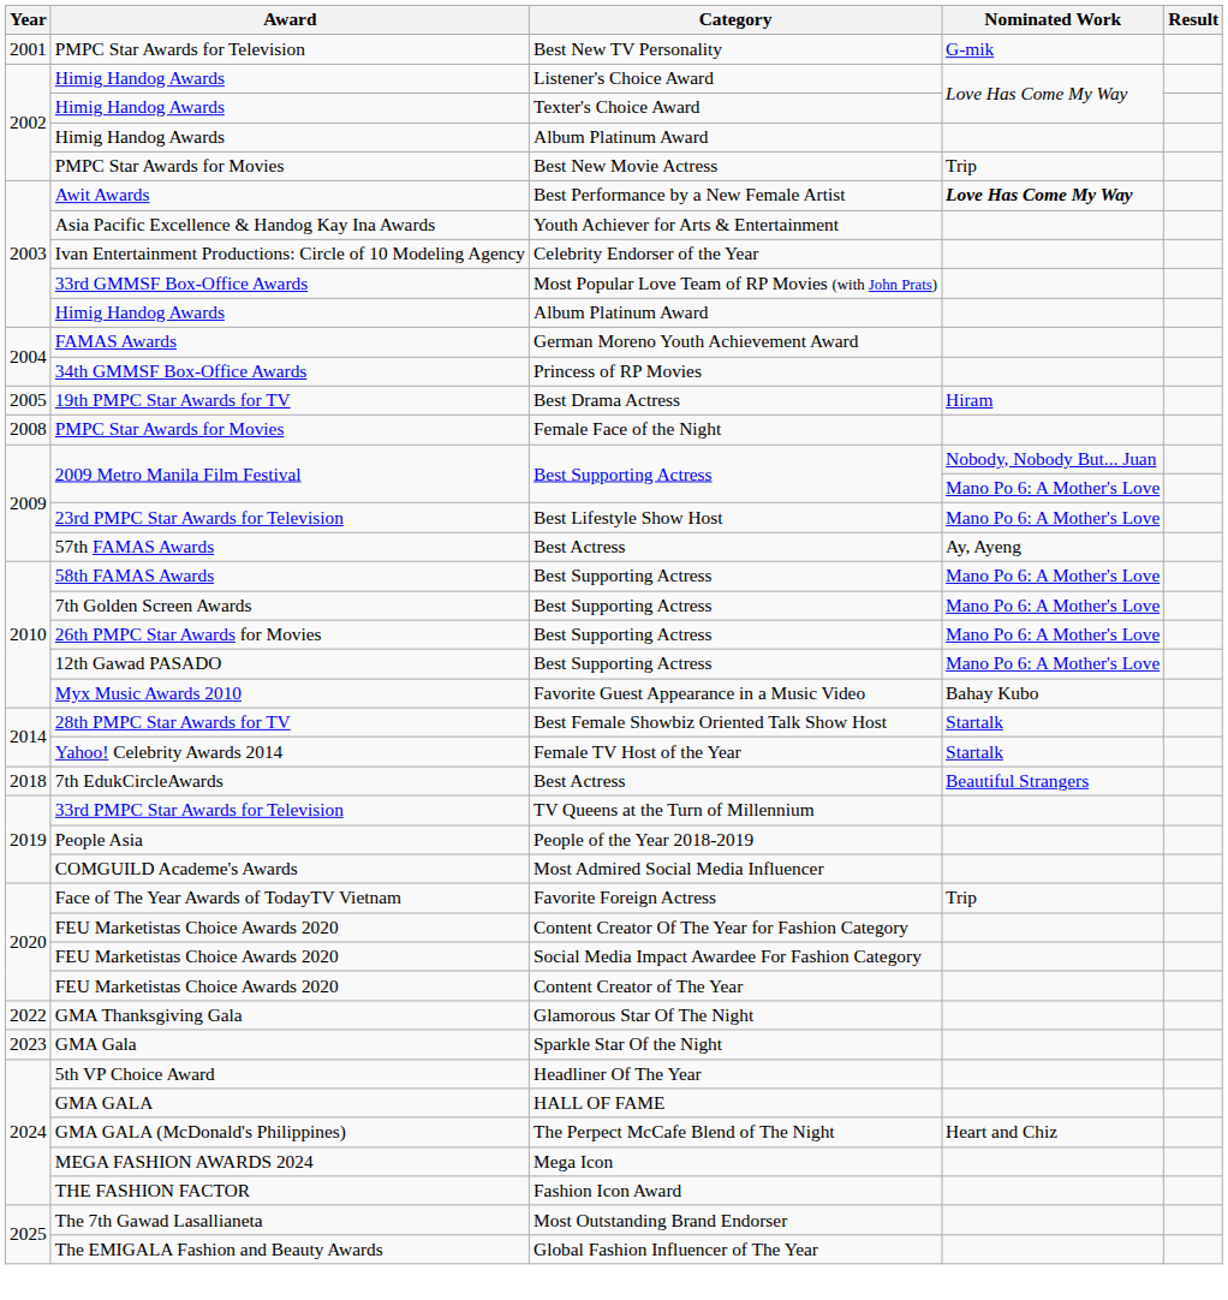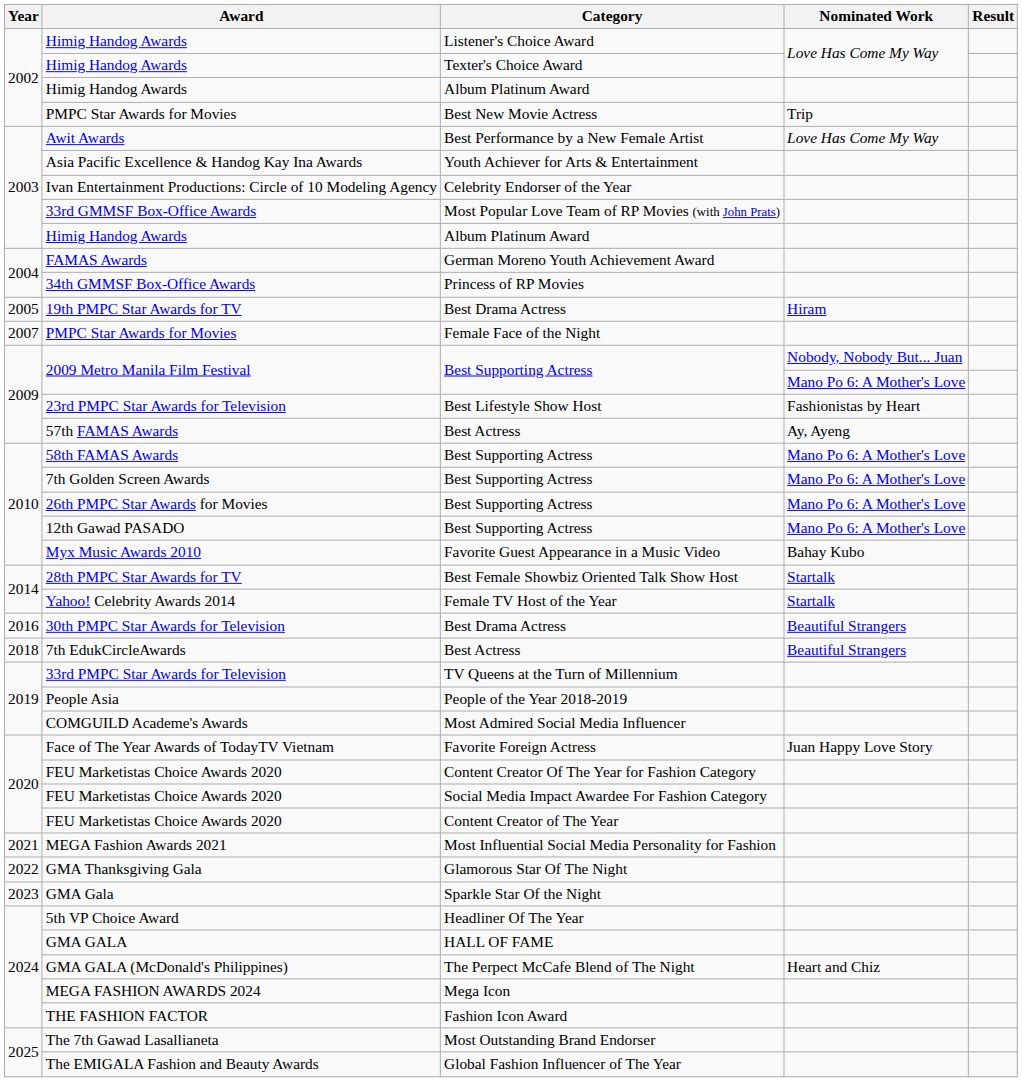 <table class="wikitable">
 <tr>
 <th>Year</th>
 <th>Award</th>
 <th>Category</th>
 <th>Nominated Work</th>
 <th>Result</th>
-</tr>
-<tr>
-<td>2001</td>
-<td>PMPC Star Awards for Television</td>
-<td>Best New TV Personality</td>
-<td><a href='#'>G-mik</a></td>
-<td></td>
 </tr>
 <tr>
 <td rowspan="4">2002</td>
 <td><a href='#'>Himig Handog Awards</a></td>
 <td>Listener's Choice Award</td>
 <td rowspan=2><em>Love</em> <em>Has Come My Way</em></td>
 <td></td>
 </tr>
 <tr>
 <td><a href='#'>Himig Handog Awards</a></td>
 <td>Texter's Choice Award</td>
 <td></td>
 </tr>
 <tr>
 <td>Himig Handog Awards</td>
 <td>Album Platinum Award</td>
 <td></td>
 <td></td>
 </tr>
 <tr>
 <td>PMPC Star Awards for Movies</td>
 <td>Best New Movie Actress</td>
 <td>Trip</td>
 <td></td>
 </tr>
 <tr>
 <td rowspan="5">2003</td>
 <td><a href='#'>Awit Awards</a></td>
 <td>Best Performance by a New Female Artist</td>
-<td><strong><em>Love Has Come My Way</em></strong></td>
+<td><em>Love Has Come My Way</em></td>
 <td></td>
 </tr>
 <tr>
 <td>Asia Pacific Excellence & Handog Kay Ina Awards</td>
 <td>Youth Achiever for Arts & Entertainment</td>
 <td></td>
 <td></td>
 </tr>
 <tr>
 <td>Ivan Entertainment Productions: Circle of 10 Modeling Agency</td>
 <td>Celebrity Endorser of the Year</td>
 <td></td>
 <td></td>
 </tr>
 <tr>
 <td><a href='#'>33rd GMMSF Box-Office Awards</a></td>
 <td>Most Popular Love Team of RP Movies <small>(with <a href='#'>John Prats</a>)</small></td>
 <td></td>
 <td></td>
 </tr>
 <tr>
 <td><a href='#'>Himig Handog Awards</a></td>
 <td>Album Platinum Award</td>
 <td></td>
 <td></td>
 </tr>
 <tr>
 <td rowspan=2>2004</td>
 <td><a href='#'>FAMAS Awards</a></td>
 <td>German Moreno Youth Achievement Award</td>
 <td></td>
 <td></td>
 </tr>
 <tr>
 <td><a href='#'>34th GMMSF Box-Office Awards</a></td>
 <td>Princess of RP Movies</td>
 <td></td>
 <td></td>
 </tr>
 <tr>
 <td>2005</td>
 <td><a href='#'>19th PMPC Star Awards for TV</a></td>
 <td>Best Drama Actress</td>
 <td><a href='#'>Hiram</a></td>
 <td></td>
 </tr>
 <tr>
-<td>2008</td>
+<td>2007</td>
 <td><a href='#'>PMPC Star Awards for Movies</a></td>
 <td>Female Face of the Night</td>
 <td></td>
 <td></td>
 </tr>
 <tr>
 <td rowspan="4">2009</td>
 <td rowspan=2><a href='#'>2009 Metro Manila Film Festival</a></td>
 <td rowspan=2><a href='#'>Best Supporting Actress</a></td>
 <td><a href='#'>Nobody, Nobody But... Juan</a></td>
 <td></td>
 </tr>
 <tr>
 <td><a href='#'>Mano Po 6: A Mother's Love</a></td>
 <td></td>
 </tr>
 <tr>
 <td><a href='#'>23rd PMPC Star Awards for Television</a></td>
 <td>Best Lifestyle Show Host</td>
-<td><a href='#'>Mano Po 6: A Mother's Love</a></td>
+<td>Fashionistas by Heart</td>
 <td></td>
 </tr>
 <tr>
 <td>57th <a href='#'>FAMAS Awards</a></td>
 <td>Best Actress</td>
 <td>Ay, Ayeng</td>
 <td></td>
 </tr>
 <tr>
 <td rowspan="5">2010</td>
 <td><a href='#'>58th FAMAS Awards</a></td>
 <td>Best Supporting Actress</td>
 <td><a href='#'>Mano Po 6: A Mother's Love</a></td>
 <td></td>
 </tr>
 <tr>
 <td>7th Golden Screen Awards</td>
 <td>Best Supporting Actress</td>
 <td><a href='#'>Mano Po 6: A Mother's Love</a></td>
 <td></td>
 </tr>
 <tr>
 <td><a href='#'>26th PMPC Star Awards</a> for Movies</td>
 <td>Best Supporting Actress</td>
 <td><a href='#'>Mano Po 6: A Mother's Love</a></td>
 <td></td>
 </tr>
 <tr>
 <td>12th Gawad PASADO</td>
 <td>Best Supporting Actress</td>
 <td><a href='#'>Mano Po 6: A Mother's Love</a></td>
 <td></td>
 </tr>
 <tr>
 <td><a href='#'>Myx Music Awards 2010</a></td>
 <td>Favorite Guest Appearance in a Music Video</td>
 <td>Bahay Kubo</td>
 <td></td>
 </tr>
 <tr>
 <td rowspan='2'>2014</td>
 <td><a href='#'>28th PMPC Star Awards for TV</a></td>
 <td>Best Female Showbiz Oriented Talk Show Host</td>
 <td><a href='#'>Startalk</a></td>
 <td></td>
 </tr>
 <tr>
 <td><a href='#'>Yahoo!</a> Celebrity Awards 2014</td>
 <td>Female TV Host of the Year</td>
 <td><a href='#'>Startalk</a></td>
 <td></td>
 </tr>
 <tr>
+<td>2016</td>
+<td><a href='#'>30th PMPC Star Awards for Television</a></td>
+<td>Best Drama Actress</td>
+<td><a href='#'>Beautiful Strangers</a></td>
+<td></td>
+</tr>
+<tr>
 <td>2018</td>
 <td>7th EdukCircleAwards</td>
 <td>Best Actress</td>
 <td><a href='#'>Beautiful Strangers</a></td>
 <td></td>
 </tr>
 <tr>
 <td rowspan="3">2019</td>
 <td><a href='#'>33rd PMPC Star Awards for Television</a></td>
 <td>TV Queens at the Turn of Millennium</td>
 <td></td>
 <td></td>
 </tr>
 <tr>
 <td>People Asia</td>
 <td>People of the Year 2018-2019</td>
 <td></td>
 <td></td>
 </tr>
 <tr>
 <td>COMGUILD Academe's Awards</td>
 <td>Most Admired Social Media Influencer</td>
 <td></td>
 <td></td>
 </tr>
 <tr>
 <td rowspan="4">2020</td>
 <td>Face of The Year Awards of TodayTV Vietnam</td>
 <td>Favorite Foreign Actress</td>
-<td>Trip</td>
+<td>Juan Happy Love Story</td>
 <td></td>
 </tr>
 <tr>
 <td>FEU Marketistas Choice Awards 2020</td>
 <td>Content Creator Of The Year for Fashion Category</td>
 <td></td>
 <td></td>
 </tr>
 <tr>
 <td>FEU Marketistas Choice Awards 2020</td>
 <td>Social Media Impact Awardee For Fashion Category</td>
 <td></td>
 <td></td>
 </tr>
 <tr>
 <td>FEU Marketistas Choice Awards 2020</td>
 <td>Content Creator of The Year</td>
+<td></td>
+<td></td>
+</tr>
+<tr>
+<td>2021</td>
+<td>MEGA Fashion Awards 2021</td>
+<td>Most Influential Social Media Personality for Fashion</td>
 <td></td>
 <td></td>
 </tr>
 <tr>
 <td>2022</td>
 <td>GMA Thanksgiving Gala</td>
 <td>Glamorous Star Of The Night</td>
 <td></td>
 <td></td>
 </tr>
 <tr>
 <td>2023</td>
 <td>GMA Gala</td>
 <td>Sparkle Star Of the Night</td>
 <td></td>
 <td></td>
 </tr>
 <tr>
 <td rowspan="5">2024</td>
 <td>5th VP Choice Award</td>
 <td>Headliner Of The Year</td>
 <td></td>
 <td></td>
 </tr>
 <tr>
 <td>GMA GALA</td>
 <td>HALL OF FAME</td>
 <td></td>
 <td></td>
 </tr>
 <tr>
 <td>GMA GALA (McDonald's Philippines)</td>
 <td>The Perpect McCafe Blend of The Night</td>
 <td>Heart and Chiz</td>
 <td></td>
 </tr>
 <tr>
 <td>MEGA FASHION AWARDS 2024</td>
 <td>Mega Icon</td>
 <td></td>
 <td></td>
 </tr>
 <tr>
 <td>THE FASHION FACTOR</td>
 <td>Fashion Icon Award</td>
 <td></td>
 <td></td>
 </tr>
 <tr>
 <td rowspan='2'>2025</td>
 <td>The 7th Gawad Lasallianeta</td>
 <td>Most Outstanding Brand Endorser</td>
 <td></td>
 <td></td>
 </tr>
 <tr>
 <td>The EMIGALA Fashion and Beauty Awards</td>
 <td>Global Fashion Influencer of The Year</td>
 <td></td>
 <td></td>
 </tr>
 </table>
